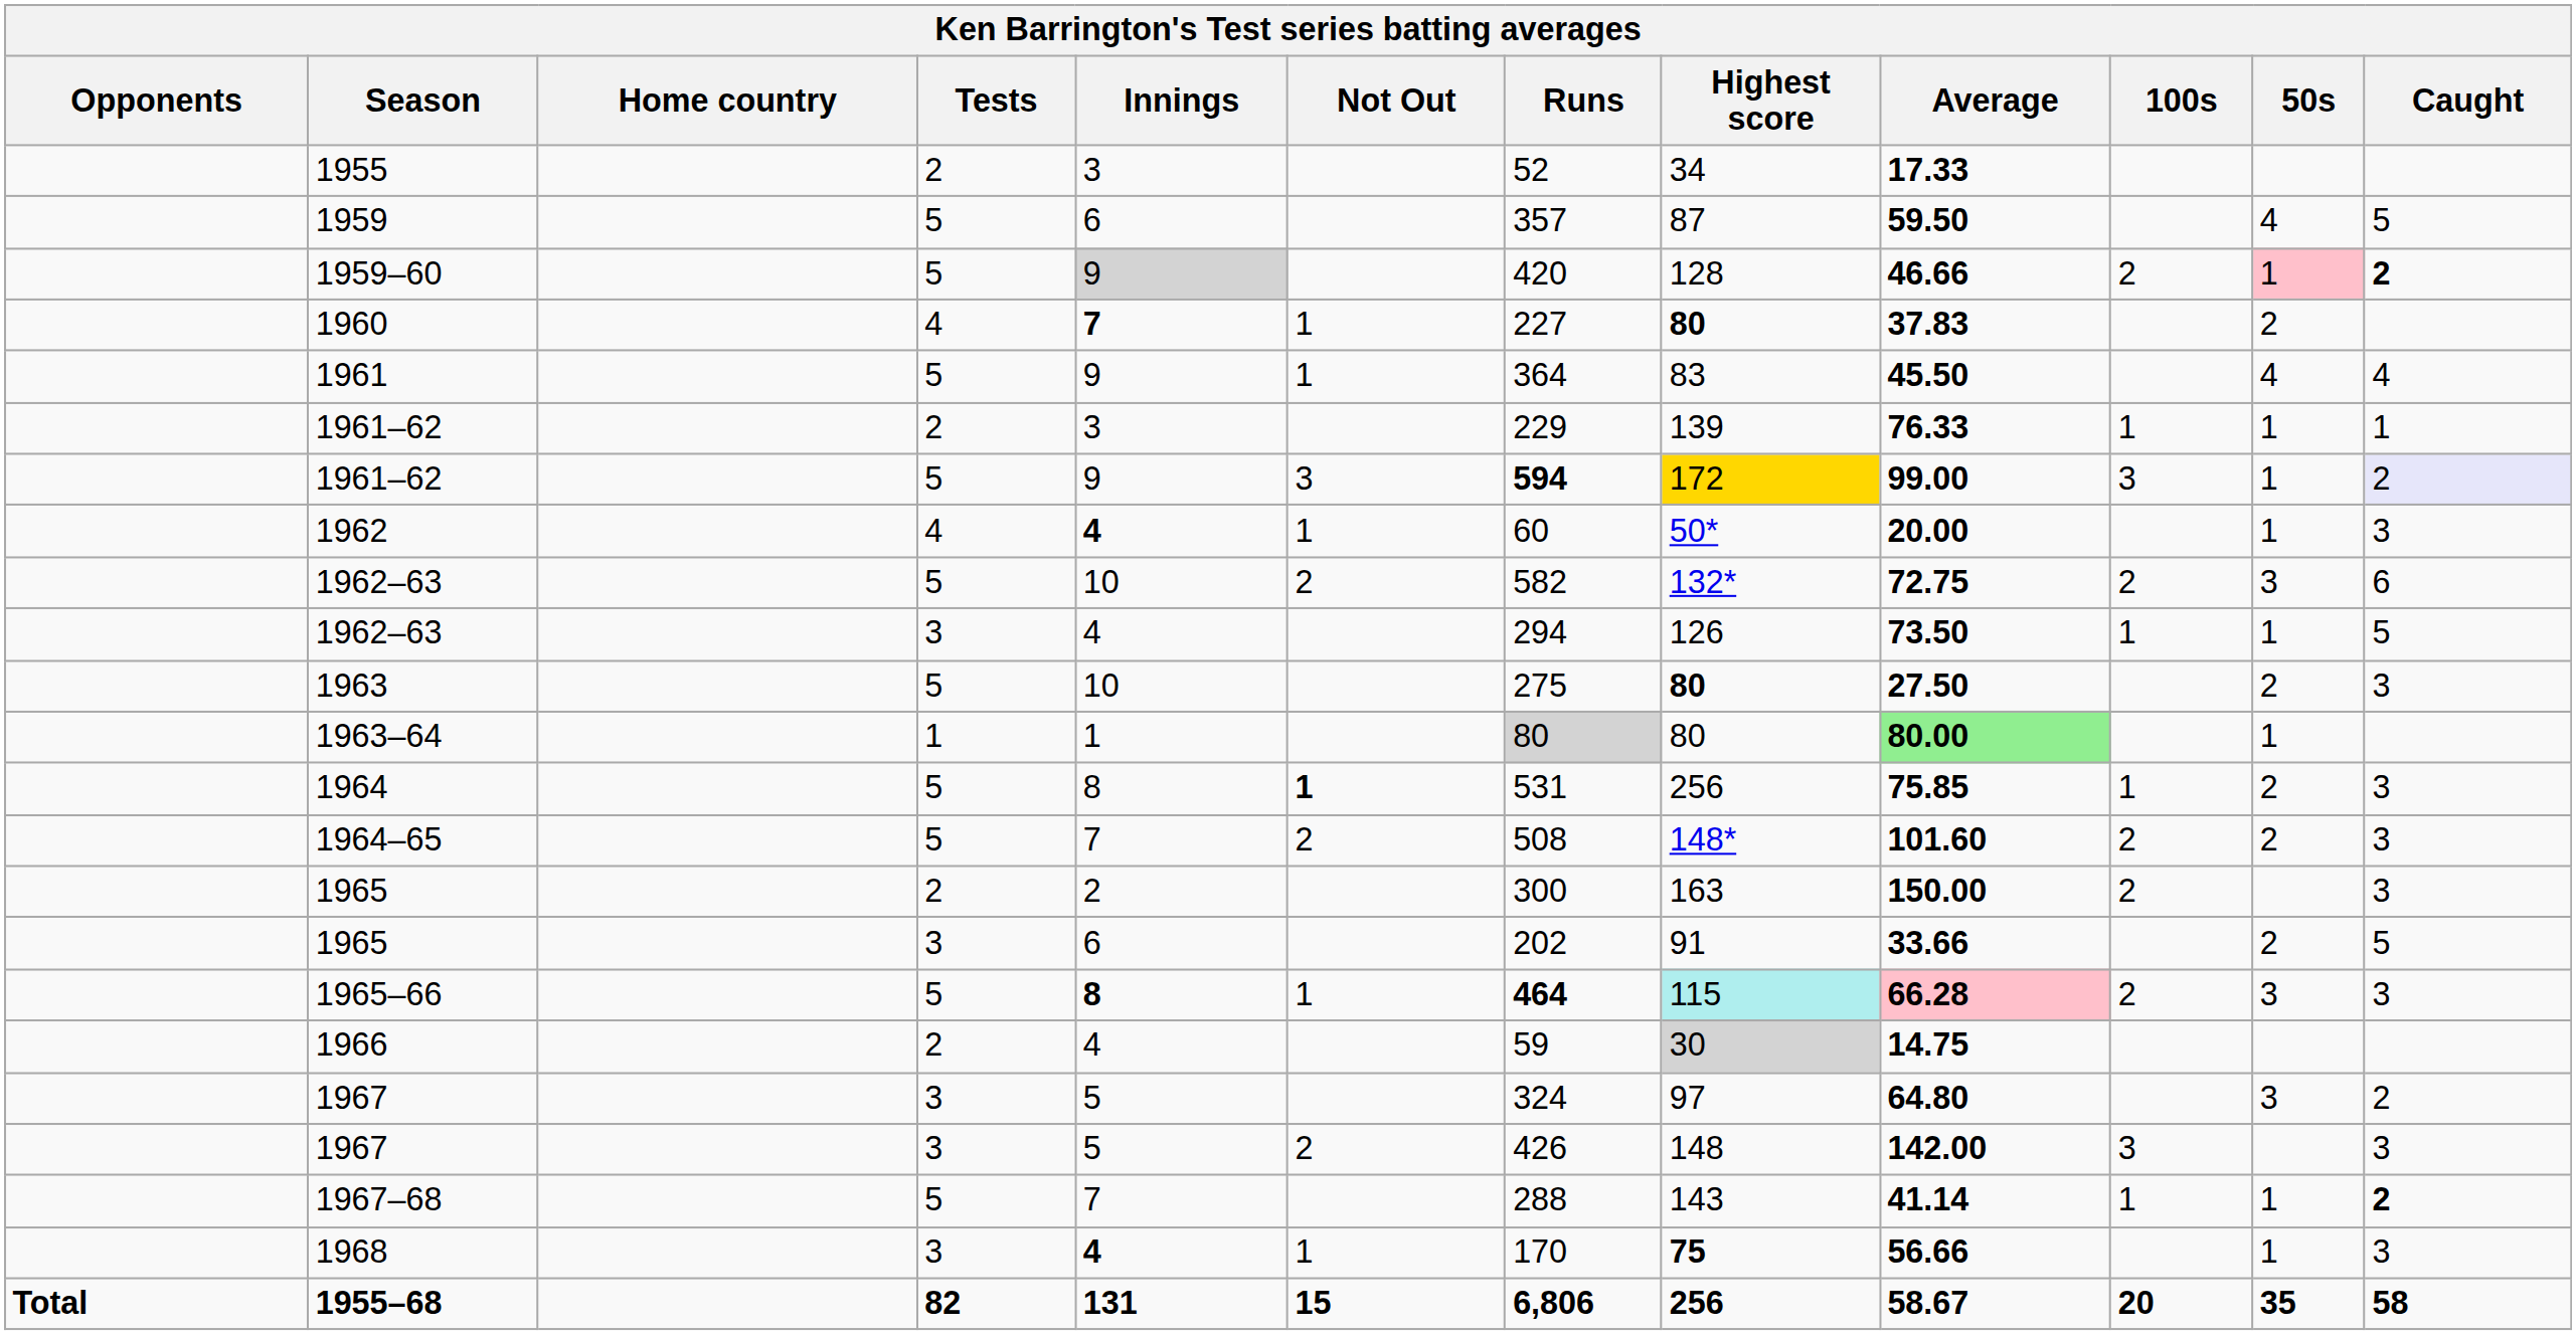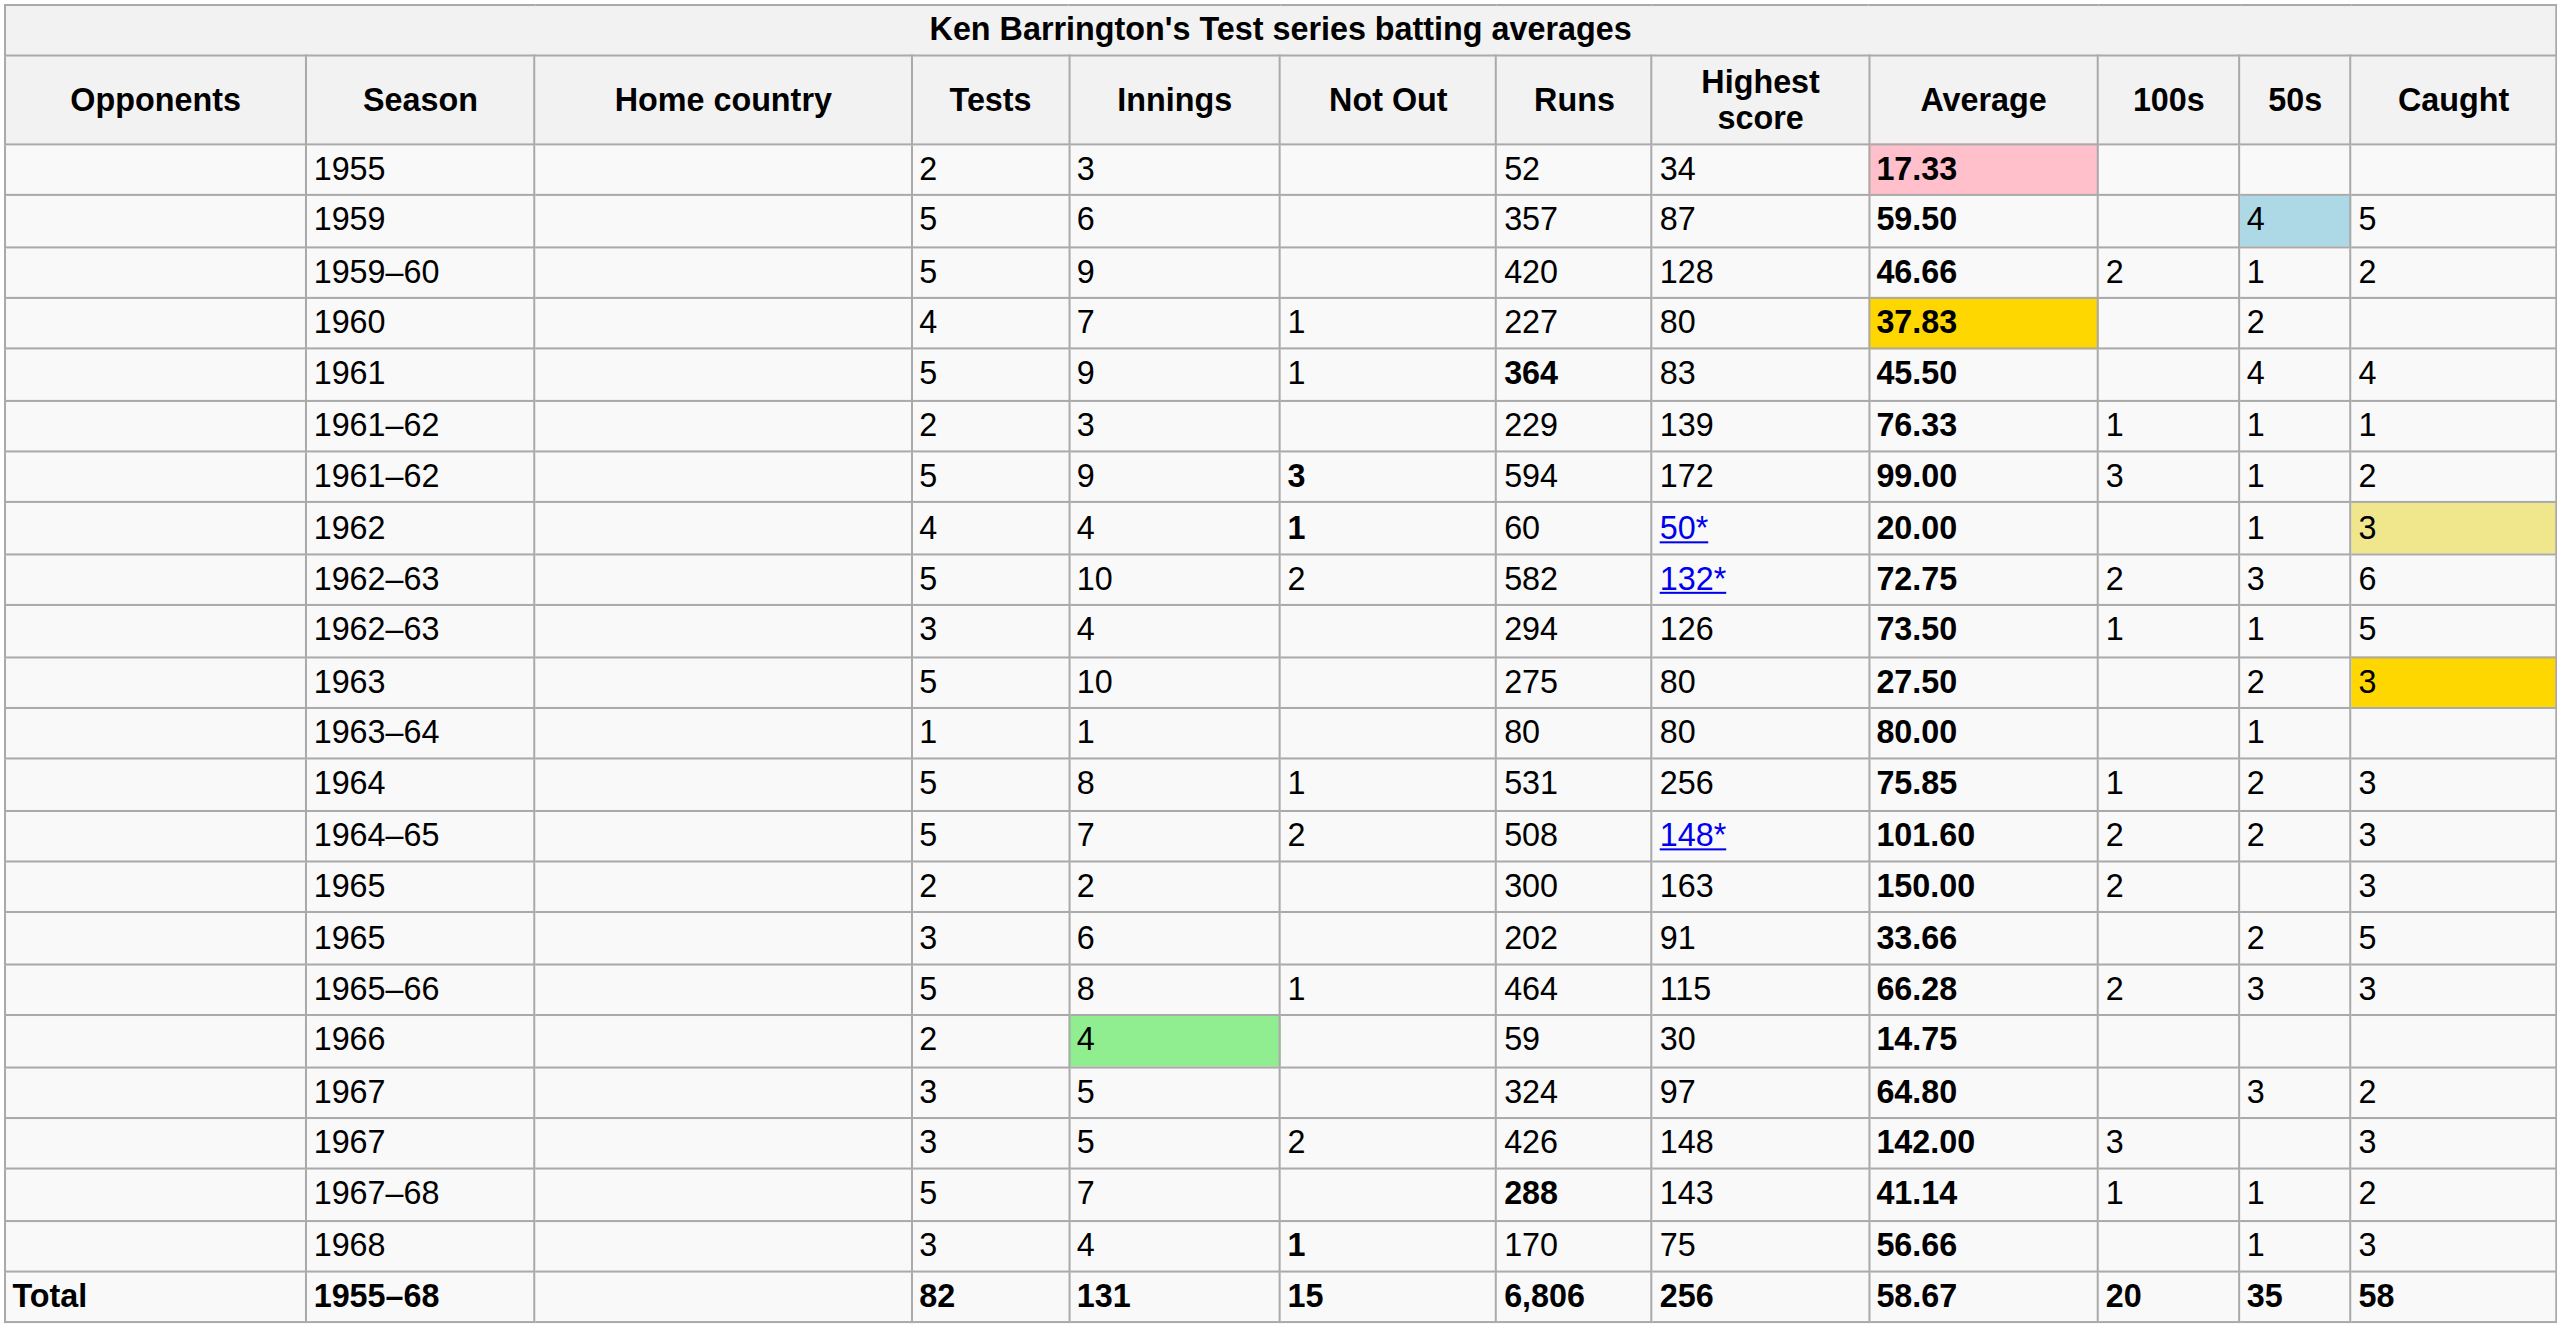 <table class="wikitable" style="width:100%;">
 <tr>
 <th colspan=12>Ken Barrington's Test series batting averages </th>
 </tr>
 <tr>
 <th>Opponents</th>
 <th>Season</th>
 <th>Home country</th>
 <th>Tests</th>
 <th>Innings</th>
 <th>Not Out</th>
 <th>Runs</th>
 <th>Highest<br>score</th>
 <th>Average</th>
 <th>100s</th>
 <th>50s</th>
 <th>Caught</th>
 </tr>
 <tr>
 <td></td>
 <td>1955</td>
 <td></td>
 <td>2</td>
 <td>3</td>
 <td></td>
 <td>52</td>
 <td>34</td>
-<td><strong>17.33</strong></td>
+<td style="background: pink;"><strong>17.33</strong></td>
 <td></td>
 <td></td>
 <td></td>
 </tr>
 <tr>
 <td></td>
 <td>1959</td>
 <td></td>
 <td>5</td>
 <td>6</td>
 <td></td>
 <td>357</td>
 <td>87</td>
 <td><strong>59.50</strong></td>
 <td></td>
-<td>4</td>
+<td style="background: lightblue;">4</td>
 <td>5</td>
 </tr>
 <tr>
 <td></td>
 <td>1959–60</td>
 <td></td>
 <td>5</td>
-<td style="background: lightgrey;">9</td>
+<td>9</td>
 <td></td>
 <td>420</td>
 <td>128</td>
 <td><strong>46.66</strong></td>
 <td>2</td>
-<td style="background: pink;">1</td>
-<td><strong>2</strong></td>
+<td>1</td>
+<td>2</td>
 </tr>
 <tr>
 <td></td>
 <td>1960</td>
 <td></td>
 <td>4</td>
-<td><strong>7</strong></td>
+<td>7</td>
 <td>1</td>
 <td>227</td>
-<td><strong>80</strong></td>
-<td><strong>37.83</strong></td>
+<td>80</td>
+<td style="background: gold;"><strong>37.83</strong></td>
 <td></td>
 <td>2</td>
 <td></td>
 </tr>
 <tr>
 <td></td>
 <td>1961</td>
 <td></td>
 <td>5</td>
 <td>9</td>
 <td>1</td>
-<td>364</td>
+<td><strong>364</strong></td>
 <td>83</td>
 <td><strong>45.50</strong></td>
 <td></td>
 <td>4</td>
 <td>4</td>
 </tr>
 <tr>
 <td></td>
 <td>1961–62</td>
 <td></td>
 <td>2</td>
 <td>3</td>
 <td></td>
 <td>229</td>
 <td>139</td>
 <td><strong>76.33</strong></td>
 <td>1</td>
 <td>1</td>
 <td>1</td>
 </tr>
 <tr>
 <td></td>
 <td>1961–62</td>
 <td></td>
 <td>5</td>
 <td>9</td>
-<td>3</td>
-<td><strong>594</strong></td>
-<td style="background: gold;">172</td>
+<td><strong>3</strong></td>
+<td>594</td>
+<td>172</td>
 <td><strong>99.00</strong></td>
 <td>3</td>
 <td>1</td>
-<td style="background: lavender;">2</td>
+<td>2</td>
 </tr>
 <tr>
 <td></td>
 <td>1962</td>
 <td></td>
 <td>4</td>
-<td><strong>4</strong></td>
-<td>1</td>
+<td>4</td>
+<td><strong>1</strong></td>
 <td>60</td>
 <td><a href='#'>50*</a></td>
 <td><strong>20.00</strong></td>
 <td></td>
 <td>1</td>
-<td>3</td>
+<td style="background: khaki;">3</td>
 </tr>
 <tr>
 <td></td>
 <td>1962–63</td>
 <td></td>
 <td>5</td>
 <td>10</td>
 <td>2</td>
 <td>582</td>
 <td><a href='#'>132*</a></td>
 <td><strong>72.75</strong></td>
 <td>2</td>
 <td>3</td>
 <td>6</td>
 </tr>
 <tr>
 <td></td>
 <td>1962–63</td>
 <td></td>
 <td>3</td>
 <td>4</td>
 <td></td>
 <td>294</td>
 <td>126</td>
 <td><strong>73.50</strong></td>
 <td>1</td>
 <td>1</td>
 <td>5</td>
 </tr>
 <tr>
 <td></td>
 <td>1963</td>
 <td></td>
 <td>5</td>
 <td>10</td>
 <td></td>
 <td>275</td>
-<td><strong>80</strong></td>
+<td>80</td>
 <td><strong>27.50</strong></td>
 <td></td>
 <td>2</td>
-<td>3</td>
+<td style="background: gold;">3</td>
 </tr>
 <tr>
 <td></td>
 <td>1963–64</td>
 <td></td>
 <td>1</td>
 <td>1</td>
 <td></td>
-<td style="background: lightgrey;">80</td>
 <td>80</td>
-<td style="background: lightgreen;"><strong>80.00</strong></td>
+<td>80</td>
+<td><strong>80.00</strong></td>
 <td></td>
 <td>1</td>
 <td></td>
 </tr>
 <tr>
 <td></td>
 <td>1964</td>
 <td></td>
 <td>5</td>
 <td>8</td>
-<td><strong>1</strong></td>
+<td>1</td>
 <td>531</td>
 <td>256</td>
 <td><strong>75.85</strong></td>
 <td>1</td>
 <td>2</td>
 <td>3</td>
 </tr>
 <tr>
 <td></td>
 <td>1964–65</td>
 <td></td>
 <td>5</td>
 <td>7</td>
 <td>2</td>
 <td>508</td>
 <td><a href='#'>148*</a></td>
 <td><strong>101.60</strong></td>
 <td>2</td>
 <td>2</td>
 <td>3</td>
 </tr>
 <tr>
 <td></td>
 <td>1965</td>
 <td></td>
 <td>2</td>
 <td>2</td>
 <td></td>
 <td>300</td>
 <td>163</td>
 <td><strong>150.00</strong></td>
 <td>2</td>
 <td></td>
 <td>3</td>
 </tr>
 <tr>
 <td></td>
 <td>1965</td>
 <td></td>
 <td>3</td>
 <td>6</td>
 <td></td>
 <td>202</td>
 <td>91</td>
 <td><strong>33.66</strong></td>
 <td></td>
 <td>2</td>
 <td>5</td>
 </tr>
 <tr>
 <td></td>
 <td>1965–66</td>
 <td></td>
 <td>5</td>
-<td><strong>8</strong></td>
+<td>8</td>
 <td>1</td>
-<td><strong>464</strong></td>
-<td style="background: paleturquoise;">115</td>
-<td style="background: pink;"><strong>66.28</strong></td>
+<td>464</td>
+<td>115</td>
+<td><strong>66.28</strong></td>
 <td>2</td>
 <td>3</td>
 <td>3</td>
 </tr>
 <tr>
 <td></td>
 <td>1966</td>
 <td></td>
 <td>2</td>
-<td>4</td>
+<td style="background: lightgreen;">4</td>
 <td></td>
 <td>59</td>
-<td style="background: lightgrey;">30</td>
+<td>30</td>
 <td><strong>14.75</strong></td>
 <td></td>
 <td></td>
 <td></td>
 </tr>
 <tr>
 <td></td>
 <td>1967</td>
 <td></td>
 <td>3</td>
 <td>5</td>
 <td></td>
 <td>324</td>
 <td>97</td>
 <td><strong>64.80</strong></td>
 <td></td>
 <td>3</td>
 <td>2</td>
 </tr>
 <tr>
 <td></td>
 <td>1967</td>
 <td></td>
 <td>3</td>
 <td>5</td>
 <td>2</td>
 <td>426</td>
 <td>148</td>
 <td><strong>142.00</strong></td>
 <td>3</td>
 <td></td>
 <td>3</td>
 </tr>
 <tr>
 <td></td>
 <td>1967–68</td>
 <td></td>
 <td>5</td>
 <td>7</td>
 <td></td>
-<td>288</td>
+<td><strong>288</strong></td>
 <td>143</td>
 <td><strong>41.14</strong></td>
 <td>1</td>
 <td>1</td>
-<td><strong>2</strong></td>
+<td>2</td>
 </tr>
 <tr>
 <td></td>
 <td>1968</td>
 <td></td>
 <td>3</td>
-<td><strong>4</strong></td>
-<td>1</td>
+<td>4</td>
+<td><strong>1</strong></td>
 <td>170</td>
-<td><strong>75</strong></td>
+<td>75</td>
 <td><strong>56.66</strong></td>
 <td></td>
 <td>1</td>
 <td>3</td>
 </tr>
 <tr>
 <td><strong>Total</strong></td>
 <td><strong>1955–68</strong></td>
 <td></td>
 <td><strong>82</strong></td>
 <td><strong>131</strong></td>
 <td><strong>15</strong></td>
 <td><strong>6,806</strong></td>
 <td><strong>256</strong></td>
 <td><strong>58.67</strong></td>
 <td><strong>20</strong></td>
 <td><strong>35</strong></td>
 <td><strong>58</strong></td>
 </tr>
 </table>
